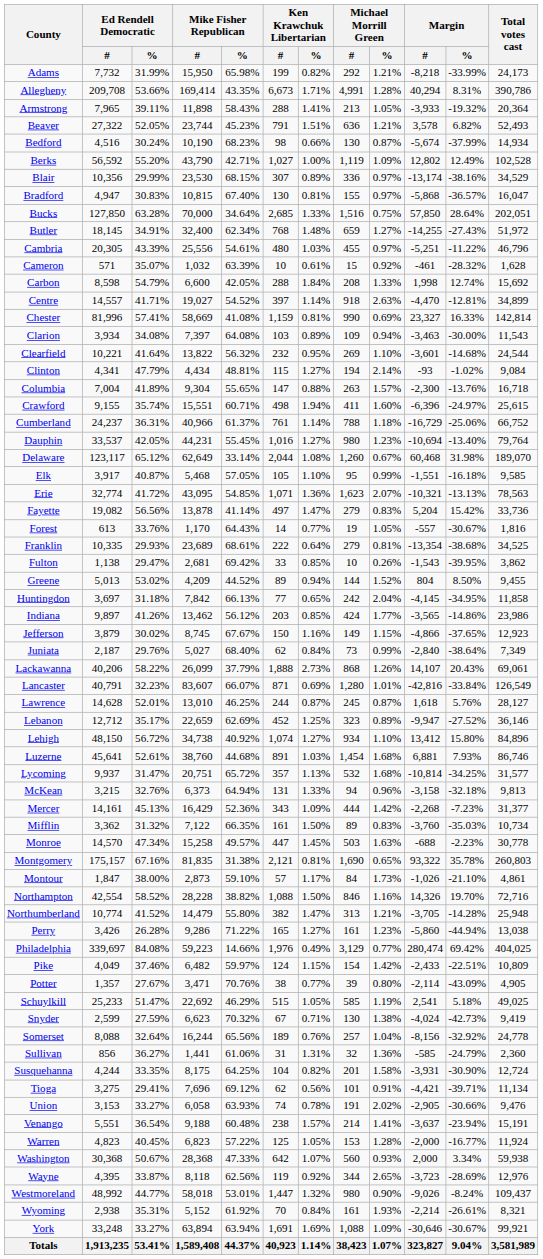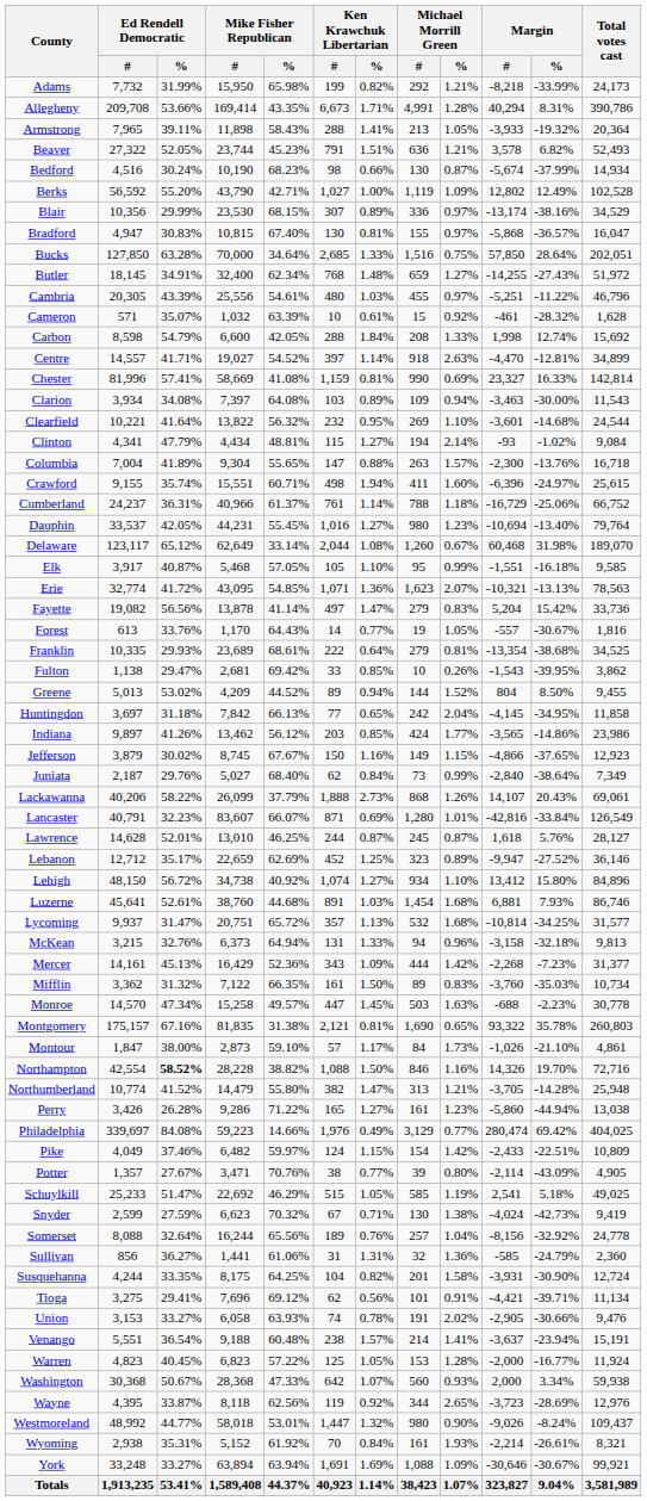 <table width="60%"  class="wikitable sortable" style="text-align:center">
 <tr>
 <th style="text-align:center;" rowspan="2">County</th>
 <th style="text-align:center;" colspan="2">Ed Rendell<br>Democratic</th>
 <th style="text-align:center;" colspan="2">Mike Fisher<br>Republican</th>
 <th style="text-align:center;" colspan="2">Ken Krawchuk<br>Libertarian</th>
 <th style="text-align:center;" colspan="2">Michael Morrill<br>Green</th>
 <th style="text-align:center;" colspan="2">Margin</th>
 <th style="text-align:center;" rowspan="2">Total votes cast</th>
 </tr>
 <tr>
 <th style="text-align:center;" data-sort-type="number">#</th>
 <th style="text-align:center;" data-sort-type="number">%</th>
 <th style="text-align:center;" data-sort-type="number">#</th>
 <th style="text-align:center;" data-sort-type="number">%</th>
 <th style="text-align:center;" data-sort-type="number">#</th>
 <th style="text-align:center;" data-sort-type="number">%</th>
 <th style="text-align:center;" data-sort-type="number">#</th>
 <th style="text-align:center;" data-sort-type="number">%</th>
 <th style="text-align:center;" data-sort-type="number">#</th>
 <th style="text-align:center;" data-sort-type="number">%</th>
 </tr>
 <tr style="text-align:center;">
 <td><a href='#'>Adams</a></td>
 <td>7,732</td>
 <td>31.99%</td>
 <td>15,950</td>
 <td>65.98%</td>
 <td>199</td>
 <td>0.82%</td>
 <td>292</td>
 <td>1.21%</td>
 <td>-8,218</td>
 <td>-33.99%</td>
 <td>24,173</td>
 </tr>
 <tr style="text-align:center;">
 <td><a href='#'>Allegheny</a></td>
 <td>209,708</td>
 <td>53.66%</td>
 <td>169,414</td>
 <td>43.35%</td>
 <td>6,673</td>
 <td>1.71%</td>
 <td>4,991</td>
 <td>1.28%</td>
 <td>40,294</td>
 <td>8.31%</td>
 <td>390,786</td>
 </tr>
 <tr style="text-align:center;">
 <td><a href='#'>Armstrong</a></td>
 <td>7,965</td>
 <td>39.11%</td>
 <td>11,898</td>
 <td>58.43%</td>
 <td>288</td>
 <td>1.41%</td>
 <td>213</td>
 <td>1.05%</td>
 <td>-3,933</td>
 <td>-19.32%</td>
 <td>20,364</td>
 </tr>
 <tr style="text-align:center;">
 <td><a href='#'>Beaver</a></td>
 <td>27,322</td>
 <td>52.05%</td>
 <td>23,744</td>
 <td>45.23%</td>
 <td>791</td>
 <td>1.51%</td>
 <td>636</td>
 <td>1.21%</td>
 <td>3,578</td>
 <td>6.82%</td>
 <td>52,493</td>
 </tr>
 <tr style="text-align:center;">
 <td><a href='#'>Bedford</a></td>
 <td>4,516</td>
 <td>30.24%</td>
 <td>10,190</td>
 <td>68.23%</td>
 <td>98</td>
 <td>0.66%</td>
 <td>130</td>
 <td>0.87%</td>
 <td>-5,674</td>
 <td>-37.99%</td>
 <td>14,934</td>
 </tr>
 <tr style="text-align:center;">
 <td><a href='#'>Berks</a></td>
 <td>56,592</td>
 <td>55.20%</td>
 <td>43,790</td>
 <td>42.71%</td>
 <td>1,027</td>
 <td>1.00%</td>
 <td>1,119</td>
 <td>1.09%</td>
 <td>12,802</td>
 <td>12.49%</td>
 <td>102,528</td>
 </tr>
 <tr style="text-align:center;">
 <td><a href='#'>Blair</a></td>
 <td>10,356</td>
 <td>29.99%</td>
 <td>23,530</td>
 <td>68.15%</td>
 <td>307</td>
 <td>0.89%</td>
 <td>336</td>
 <td>0.97%</td>
 <td>-13,174</td>
 <td>-38.16%</td>
 <td>34,529</td>
 </tr>
 <tr style="text-align:center;">
 <td><a href='#'>Bradford</a></td>
 <td>4,947</td>
 <td>30.83%</td>
 <td>10,815</td>
 <td>67.40%</td>
 <td>130</td>
 <td>0.81%</td>
 <td>155</td>
 <td>0.97%</td>
 <td>-5,868</td>
 <td>-36.57%</td>
 <td>16,047</td>
 </tr>
 <tr style="text-align:center;">
 <td><a href='#'>Bucks</a></td>
 <td>127,850</td>
 <td>63.28%</td>
 <td>70,000</td>
 <td>34.64%</td>
 <td>2,685</td>
 <td>1.33%</td>
 <td>1,516</td>
 <td>0.75%</td>
 <td>57,850</td>
 <td>28.64%</td>
 <td>202,051</td>
 </tr>
 <tr style="text-align:center;">
 <td><a href='#'>Butler</a></td>
 <td>18,145</td>
 <td>34.91%</td>
 <td>32,400</td>
 <td>62.34%</td>
 <td>768</td>
 <td>1.48%</td>
 <td>659</td>
 <td>1.27%</td>
 <td>-14,255</td>
 <td>-27.43%</td>
 <td>51,972</td>
 </tr>
 <tr style="text-align:center;">
 <td><a href='#'>Cambria</a></td>
 <td>20,305</td>
 <td>43.39%</td>
 <td>25,556</td>
 <td>54.61%</td>
 <td>480</td>
 <td>1.03%</td>
 <td>455</td>
 <td>0.97%</td>
 <td>-5,251</td>
 <td>-11.22%</td>
 <td>46,796</td>
 </tr>
 <tr style="text-align:center;">
 <td><a href='#'>Cameron</a></td>
 <td>571</td>
 <td>35.07%</td>
 <td>1,032</td>
 <td>63.39%</td>
 <td>10</td>
 <td>0.61%</td>
 <td>15</td>
 <td>0.92%</td>
 <td>-461</td>
 <td>-28.32%</td>
 <td>1,628</td>
 </tr>
 <tr style="text-align:center;">
 <td><a href='#'>Carbon</a></td>
 <td>8,598</td>
 <td>54.79%</td>
 <td>6,600</td>
 <td>42.05%</td>
 <td>288</td>
 <td>1.84%</td>
 <td>208</td>
 <td>1.33%</td>
 <td>1,998</td>
 <td>12.74%</td>
 <td>15,692</td>
 </tr>
 <tr style="text-align:center;">
 <td><a href='#'>Centre</a></td>
 <td>14,557</td>
 <td>41.71%</td>
 <td>19,027</td>
 <td>54.52%</td>
 <td>397</td>
 <td>1.14%</td>
 <td>918</td>
 <td>2.63%</td>
 <td>-4,470</td>
 <td>-12.81%</td>
 <td>34,899</td>
 </tr>
 <tr style="text-align:center;">
 <td><a href='#'>Chester</a></td>
 <td>81,996</td>
 <td>57.41%</td>
 <td>58,669</td>
 <td>41.08%</td>
 <td>1,159</td>
 <td>0.81%</td>
 <td>990</td>
 <td>0.69%</td>
 <td>23,327</td>
 <td>16.33%</td>
 <td>142,814</td>
 </tr>
 <tr style="text-align:center;">
 <td><a href='#'>Clarion</a></td>
 <td>3,934</td>
 <td>34.08%</td>
 <td>7,397</td>
 <td>64.08%</td>
 <td>103</td>
 <td>0.89%</td>
 <td>109</td>
 <td>0.94%</td>
 <td>-3,463</td>
 <td>-30.00%</td>
 <td>11,543</td>
 </tr>
 <tr style="text-align:center;">
 <td><a href='#'>Clearfield</a></td>
 <td>10,221</td>
 <td>41.64%</td>
 <td>13,822</td>
 <td>56.32%</td>
 <td>232</td>
 <td>0.95%</td>
 <td>269</td>
 <td>1.10%</td>
 <td>-3,601</td>
 <td>-14.68%</td>
 <td>24,544</td>
 </tr>
 <tr style="text-align:center;">
 <td><a href='#'>Clinton</a></td>
 <td>4,341</td>
 <td>47.79%</td>
 <td>4,434</td>
 <td>48.81%</td>
 <td>115</td>
 <td>1.27%</td>
 <td>194</td>
 <td>2.14%</td>
 <td>-93</td>
 <td>-1.02%</td>
 <td>9,084</td>
 </tr>
 <tr style="text-align:center;">
 <td><a href='#'>Columbia</a></td>
 <td>7,004</td>
 <td>41.89%</td>
 <td>9,304</td>
 <td>55.65%</td>
 <td>147</td>
 <td>0.88%</td>
 <td>263</td>
 <td>1.57%</td>
 <td>-2,300</td>
 <td>-13.76%</td>
 <td>16,718</td>
 </tr>
 <tr style="text-align:center;">
 <td><a href='#'>Crawford</a></td>
 <td>9,155</td>
 <td>35.74%</td>
 <td>15,551</td>
 <td>60.71%</td>
 <td>498</td>
 <td>1.94%</td>
 <td>411</td>
 <td>1.60%</td>
 <td>-6,396</td>
 <td>-24.97%</td>
 <td>25,615</td>
 </tr>
 <tr style="text-align:center;">
 <td><a href='#'>Cumberland</a></td>
 <td>24,237</td>
 <td>36.31%</td>
 <td>40,966</td>
 <td>61.37%</td>
 <td>761</td>
 <td>1.14%</td>
 <td>788</td>
 <td>1.18%</td>
 <td>-16,729</td>
 <td>-25.06%</td>
 <td>66,752</td>
 </tr>
 <tr style="text-align:center;">
 <td><a href='#'>Dauphin</a></td>
 <td>33,537</td>
 <td>42.05%</td>
 <td>44,231</td>
 <td>55.45%</td>
 <td>1,016</td>
 <td>1.27%</td>
 <td>980</td>
 <td>1.23%</td>
 <td>-10,694</td>
 <td>-13.40%</td>
 <td>79,764</td>
 </tr>
 <tr style="text-align:center;">
 <td><a href='#'>Delaware</a></td>
 <td>123,117</td>
 <td>65.12%</td>
 <td>62,649</td>
 <td>33.14%</td>
 <td>2,044</td>
 <td>1.08%</td>
 <td>1,260</td>
 <td>0.67%</td>
 <td>60,468</td>
 <td>31.98%</td>
 <td>189,070</td>
 </tr>
 <tr style="text-align:center;">
 <td><a href='#'>Elk</a></td>
 <td>3,917</td>
 <td>40.87%</td>
 <td>5,468</td>
 <td>57.05%</td>
 <td>105</td>
 <td>1.10%</td>
 <td>95</td>
 <td>0.99%</td>
 <td>-1,551</td>
 <td>-16.18%</td>
 <td>9,585</td>
 </tr>
 <tr style="text-align:center;">
 <td><a href='#'>Erie</a></td>
 <td>32,774</td>
 <td>41.72%</td>
 <td>43,095</td>
 <td>54.85%</td>
 <td>1,071</td>
 <td>1.36%</td>
 <td>1,623</td>
 <td>2.07%</td>
 <td>-10,321</td>
 <td>-13.13%</td>
 <td>78,563</td>
 </tr>
 <tr style="text-align:center;">
 <td><a href='#'>Fayette</a></td>
 <td>19,082</td>
 <td>56.56%</td>
 <td>13,878</td>
 <td>41.14%</td>
 <td>497</td>
 <td>1.47%</td>
 <td>279</td>
 <td>0.83%</td>
 <td>5,204</td>
 <td>15.42%</td>
 <td>33,736</td>
 </tr>
 <tr style="text-align:center;">
 <td><a href='#'>Forest</a></td>
 <td>613</td>
 <td>33.76%</td>
 <td>1,170</td>
 <td>64.43%</td>
 <td>14</td>
 <td>0.77%</td>
 <td>19</td>
 <td>1.05%</td>
 <td>-557</td>
 <td>-30.67%</td>
 <td>1,816</td>
 </tr>
 <tr style="text-align:center;">
 <td><a href='#'>Franklin</a></td>
 <td>10,335</td>
 <td>29.93%</td>
 <td>23,689</td>
 <td>68.61%</td>
 <td>222</td>
 <td>0.64%</td>
 <td>279</td>
 <td>0.81%</td>
 <td>-13,354</td>
 <td>-38.68%</td>
 <td>34,525</td>
 </tr>
 <tr style="text-align:center;">
 <td><a href='#'>Fulton</a></td>
 <td>1,138</td>
 <td>29.47%</td>
 <td>2,681</td>
 <td>69.42%</td>
 <td>33</td>
 <td>0.85%</td>
 <td>10</td>
 <td>0.26%</td>
 <td>-1,543</td>
 <td>-39.95%</td>
 <td>3,862</td>
 </tr>
 <tr style="text-align:center;">
 <td><a href='#'>Greene</a></td>
 <td>5,013</td>
 <td>53.02%</td>
 <td>4,209</td>
 <td>44.52%</td>
 <td>89</td>
 <td>0.94%</td>
 <td>144</td>
 <td>1.52%</td>
 <td>804</td>
 <td>8.50%</td>
 <td>9,455</td>
 </tr>
 <tr style="text-align:center;">
 <td><a href='#'>Huntingdon</a></td>
 <td>3,697</td>
 <td>31.18%</td>
 <td>7,842</td>
 <td>66.13%</td>
 <td>77</td>
 <td>0.65%</td>
 <td>242</td>
 <td>2.04%</td>
 <td>-4,145</td>
 <td>-34.95%</td>
 <td>11,858</td>
 </tr>
 <tr style="text-align:center;">
 <td><a href='#'>Indiana</a></td>
 <td>9,897</td>
 <td>41.26%</td>
 <td>13,462</td>
 <td>56.12%</td>
 <td>203</td>
 <td>0.85%</td>
 <td>424</td>
 <td>1.77%</td>
 <td>-3,565</td>
 <td>-14.86%</td>
 <td>23,986</td>
 </tr>
 <tr style="text-align:center;">
 <td><a href='#'>Jefferson</a></td>
 <td>3,879</td>
 <td>30.02%</td>
 <td>8,745</td>
 <td>67.67%</td>
 <td>150</td>
 <td>1.16%</td>
 <td>149</td>
 <td>1.15%</td>
 <td>-4,866</td>
 <td>-37.65%</td>
 <td>12,923</td>
 </tr>
 <tr style="text-align:center;">
 <td><a href='#'>Juniata</a></td>
 <td>2,187</td>
 <td>29.76%</td>
 <td>5,027</td>
 <td>68.40%</td>
 <td>62</td>
 <td>0.84%</td>
 <td>73</td>
 <td>0.99%</td>
 <td>-2,840</td>
 <td>-38.64%</td>
 <td>7,349</td>
 </tr>
 <tr style="text-align:center;">
 <td><a href='#'>Lackawanna</a></td>
 <td>40,206</td>
 <td>58.22%</td>
 <td>26,099</td>
 <td>37.79%</td>
 <td>1,888</td>
 <td>2.73%</td>
 <td>868</td>
 <td>1.26%</td>
 <td>14,107</td>
 <td>20.43%</td>
 <td>69,061</td>
 </tr>
 <tr style="text-align:center;">
 <td><a href='#'>Lancaster</a></td>
 <td>40,791</td>
 <td>32.23%</td>
 <td>83,607</td>
 <td>66.07%</td>
 <td>871</td>
 <td>0.69%</td>
 <td>1,280</td>
 <td>1.01%</td>
 <td>-42,816</td>
 <td>-33.84%</td>
 <td>126,549</td>
 </tr>
 <tr style="text-align:center;">
 <td><a href='#'>Lawrence</a></td>
 <td>14,628</td>
 <td>52.01%</td>
 <td>13,010</td>
 <td>46.25%</td>
 <td>244</td>
 <td>0.87%</td>
 <td>245</td>
 <td>0.87%</td>
 <td>1,618</td>
 <td>5.76%</td>
 <td>28,127</td>
 </tr>
 <tr style="text-align:center;">
 <td><a href='#'>Lebanon</a></td>
 <td>12,712</td>
 <td>35.17%</td>
 <td>22,659</td>
 <td>62.69%</td>
 <td>452</td>
 <td>1.25%</td>
 <td>323</td>
 <td>0.89%</td>
 <td>-9,947</td>
 <td>-27.52%</td>
 <td>36,146</td>
 </tr>
 <tr style="text-align:center;">
 <td><a href='#'>Lehigh</a></td>
 <td>48,150</td>
 <td>56.72%</td>
 <td>34,738</td>
 <td>40.92%</td>
 <td>1,074</td>
 <td>1.27%</td>
 <td>934</td>
 <td>1.10%</td>
 <td>13,412</td>
 <td>15.80%</td>
 <td>84,896</td>
 </tr>
 <tr style="text-align:center;">
 <td><a href='#'>Luzerne</a></td>
 <td>45,641</td>
 <td>52.61%</td>
 <td>38,760</td>
 <td>44.68%</td>
 <td>891</td>
 <td>1.03%</td>
 <td>1,454</td>
 <td>1.68%</td>
 <td>6,881</td>
 <td>7.93%</td>
 <td>86,746</td>
 </tr>
 <tr style="text-align:center;">
 <td><a href='#'>Lycoming</a></td>
 <td>9,937</td>
 <td>31.47%</td>
 <td>20,751</td>
 <td>65.72%</td>
 <td>357</td>
 <td>1.13%</td>
 <td>532</td>
 <td>1.68%</td>
 <td>-10,814</td>
 <td>-34.25%</td>
 <td>31,577</td>
 </tr>
 <tr style="text-align:center;">
 <td><a href='#'>McKean</a></td>
 <td>3,215</td>
 <td>32.76%</td>
 <td>6,373</td>
 <td>64.94%</td>
 <td>131</td>
 <td>1.33%</td>
 <td>94</td>
 <td>0.96%</td>
 <td>-3,158</td>
 <td>-32.18%</td>
 <td>9,813</td>
 </tr>
 <tr style="text-align:center;">
 <td><a href='#'>Mercer</a></td>
 <td>14,161</td>
 <td>45.13%</td>
 <td>16,429</td>
 <td>52.36%</td>
 <td>343</td>
 <td>1.09%</td>
 <td>444</td>
 <td>1.42%</td>
 <td>-2,268</td>
 <td>-7.23%</td>
 <td>31,377</td>
 </tr>
 <tr style="text-align:center;">
 <td><a href='#'>Mifflin</a></td>
 <td>3,362</td>
 <td>31.32%</td>
 <td>7,122</td>
 <td>66.35%</td>
 <td>161</td>
 <td>1.50%</td>
 <td>89</td>
 <td>0.83%</td>
 <td>-3,760</td>
 <td>-35.03%</td>
 <td>10,734</td>
 </tr>
 <tr style="text-align:center;">
 <td><a href='#'>Monroe</a></td>
 <td>14,570</td>
 <td>47.34%</td>
 <td>15,258</td>
 <td>49.57%</td>
 <td>447</td>
 <td>1.45%</td>
 <td>503</td>
 <td>1.63%</td>
 <td>-688</td>
 <td>-2.23%</td>
 <td>30,778</td>
 </tr>
 <tr style="text-align:center;">
 <td><a href='#'>Montgomery</a></td>
 <td>175,157</td>
 <td>67.16%</td>
 <td>81,835</td>
 <td>31.38%</td>
 <td>2,121</td>
 <td>0.81%</td>
 <td>1,690</td>
 <td>0.65%</td>
 <td>93,322</td>
 <td>35.78%</td>
 <td>260,803</td>
 </tr>
 <tr style="text-align:center;">
 <td><a href='#'>Montour</a></td>
 <td>1,847</td>
 <td>38.00%</td>
 <td>2,873</td>
 <td>59.10%</td>
 <td>57</td>
 <td>1.17%</td>
 <td>84</td>
 <td>1.73%</td>
 <td>-1,026</td>
 <td>-21.10%</td>
 <td>4,861</td>
 </tr>
 <tr style="text-align:center;">
 <td><a href='#'>Northampton</a></td>
 <td>42,554</td>
-<td>58.52%</td>
+<td><strong>58.52%</strong></td>
 <td>28,228</td>
 <td>38.82%</td>
 <td>1,088</td>
 <td>1.50%</td>
 <td>846</td>
 <td>1.16%</td>
 <td>14,326</td>
 <td>19.70%</td>
 <td>72,716</td>
 </tr>
 <tr style="text-align:center;">
 <td><a href='#'>Northumberland</a></td>
 <td>10,774</td>
 <td>41.52%</td>
 <td>14,479</td>
 <td>55.80%</td>
 <td>382</td>
 <td>1.47%</td>
 <td>313</td>
 <td>1.21%</td>
 <td>-3,705</td>
 <td>-14.28%</td>
 <td>25,948</td>
 </tr>
 <tr style="text-align:center;">
 <td><a href='#'>Perry</a></td>
 <td>3,426</td>
 <td>26.28%</td>
 <td>9,286</td>
 <td>71.22%</td>
 <td>165</td>
 <td>1.27%</td>
 <td>161</td>
 <td>1.23%</td>
 <td>-5,860</td>
 <td>-44.94%</td>
 <td>13,038</td>
 </tr>
 <tr style="text-align:center;">
 <td><a href='#'>Philadelphia</a></td>
 <td>339,697</td>
 <td>84.08%</td>
 <td>59,223</td>
 <td>14.66%</td>
 <td>1,976</td>
 <td>0.49%</td>
 <td>3,129</td>
 <td>0.77%</td>
 <td>280,474</td>
 <td>69.42%</td>
 <td>404,025</td>
 </tr>
 <tr style="text-align:center;">
 <td><a href='#'>Pike</a></td>
 <td>4,049</td>
 <td>37.46%</td>
 <td>6,482</td>
 <td>59.97%</td>
 <td>124</td>
 <td>1.15%</td>
 <td>154</td>
 <td>1.42%</td>
 <td>-2,433</td>
 <td>-22.51%</td>
 <td>10,809</td>
 </tr>
 <tr style="text-align:center;">
 <td><a href='#'>Potter</a></td>
 <td>1,357</td>
 <td>27.67%</td>
 <td>3,471</td>
 <td>70.76%</td>
 <td>38</td>
 <td>0.77%</td>
 <td>39</td>
 <td>0.80%</td>
 <td>-2,114</td>
 <td>-43.09%</td>
 <td>4,905</td>
 </tr>
 <tr style="text-align:center;">
 <td><a href='#'>Schuylkill</a></td>
 <td>25,233</td>
 <td>51.47%</td>
 <td>22,692</td>
 <td>46.29%</td>
 <td>515</td>
 <td>1.05%</td>
 <td>585</td>
 <td>1.19%</td>
 <td>2,541</td>
 <td>5.18%</td>
 <td>49,025</td>
 </tr>
 <tr style="text-align:center;">
 <td><a href='#'>Snyder</a></td>
 <td>2,599</td>
 <td>27.59%</td>
 <td>6,623</td>
 <td>70.32%</td>
 <td>67</td>
 <td>0.71%</td>
 <td>130</td>
 <td>1.38%</td>
 <td>-4,024</td>
 <td>-42.73%</td>
 <td>9,419</td>
 </tr>
 <tr style="text-align:center;">
 <td><a href='#'>Somerset</a></td>
 <td>8,088</td>
 <td>32.64%</td>
 <td>16,244</td>
 <td>65.56%</td>
 <td>189</td>
 <td>0.76%</td>
 <td>257</td>
 <td>1.04%</td>
 <td>-8,156</td>
 <td>-32.92%</td>
 <td>24,778</td>
 </tr>
 <tr style="text-align:center;">
 <td><a href='#'>Sullivan</a></td>
 <td>856</td>
 <td>36.27%</td>
 <td>1,441</td>
 <td>61.06%</td>
 <td>31</td>
 <td>1.31%</td>
 <td>32</td>
 <td>1.36%</td>
 <td>-585</td>
 <td>-24.79%</td>
 <td>2,360</td>
 </tr>
 <tr style="text-align:center;">
 <td><a href='#'>Susquehanna</a></td>
 <td>4,244</td>
 <td>33.35%</td>
 <td>8,175</td>
 <td>64.25%</td>
 <td>104</td>
 <td>0.82%</td>
 <td>201</td>
 <td>1.58%</td>
 <td>-3,931</td>
 <td>-30.90%</td>
 <td>12,724</td>
 </tr>
 <tr style="text-align:center;">
 <td><a href='#'>Tioga</a></td>
 <td>3,275</td>
 <td>29.41%</td>
 <td>7,696</td>
 <td>69.12%</td>
 <td>62</td>
 <td>0.56%</td>
 <td>101</td>
 <td>0.91%</td>
 <td>-4,421</td>
 <td>-39.71%</td>
 <td>11,134</td>
 </tr>
 <tr style="text-align:center;">
 <td><a href='#'>Union</a></td>
 <td>3,153</td>
 <td>33.27%</td>
 <td>6,058</td>
 <td>63.93%</td>
 <td>74</td>
 <td>0.78%</td>
 <td>191</td>
 <td>2.02%</td>
 <td>-2,905</td>
 <td>-30.66%</td>
 <td>9,476</td>
 </tr>
 <tr style="text-align:center;">
 <td><a href='#'>Venango</a></td>
 <td>5,551</td>
 <td>36.54%</td>
 <td>9,188</td>
 <td>60.48%</td>
 <td>238</td>
 <td>1.57%</td>
 <td>214</td>
 <td>1.41%</td>
 <td>-3,637</td>
 <td>-23.94%</td>
 <td>15,191</td>
 </tr>
 <tr style="text-align:center;">
 <td><a href='#'>Warren</a></td>
 <td>4,823</td>
 <td>40.45%</td>
 <td>6,823</td>
 <td>57.22%</td>
 <td>125</td>
 <td>1.05%</td>
 <td>153</td>
 <td>1.28%</td>
 <td>-2,000</td>
 <td>-16.77%</td>
 <td>11,924</td>
 </tr>
 <tr style="text-align:center;">
 <td><a href='#'>Washington</a></td>
 <td>30,368</td>
 <td>50.67%</td>
 <td>28,368</td>
 <td>47.33%</td>
 <td>642</td>
 <td>1.07%</td>
 <td>560</td>
 <td>0.93%</td>
 <td>2,000</td>
 <td>3.34%</td>
 <td>59,938</td>
 </tr>
 <tr style="text-align:center;">
 <td><a href='#'>Wayne</a></td>
 <td>4,395</td>
 <td>33.87%</td>
 <td>8,118</td>
 <td>62.56%</td>
 <td>119</td>
 <td>0.92%</td>
 <td>344</td>
 <td>2.65%</td>
 <td>-3,723</td>
 <td>-28.69%</td>
 <td>12,976</td>
 </tr>
 <tr style="text-align:center;">
 <td><a href='#'>Westmoreland</a></td>
 <td>48,992</td>
 <td>44.77%</td>
 <td>58,018</td>
 <td>53.01%</td>
 <td>1,447</td>
 <td>1.32%</td>
 <td>980</td>
 <td>0.90%</td>
 <td>-9,026</td>
 <td>-8.24%</td>
 <td>109,437</td>
 </tr>
 <tr style="text-align:center;">
 <td><a href='#'>Wyoming</a></td>
 <td>2,938</td>
 <td>35.31%</td>
 <td>5,152</td>
 <td>61.92%</td>
 <td>70</td>
 <td>0.84%</td>
 <td>161</td>
 <td>1.93%</td>
 <td>-2,214</td>
 <td>-26.61%</td>
 <td>8,321</td>
 </tr>
 <tr style="text-align:center;">
 <td><a href='#'>York</a></td>
 <td>33,248</td>
 <td>33.27%</td>
 <td>63,894</td>
 <td>63.94%</td>
 <td>1,691</td>
 <td>1.69%</td>
 <td>1,088</td>
 <td>1.09%</td>
 <td>-30,646</td>
 <td>-30.67%</td>
 <td>99,921</td>
 </tr>
 <tr style="text-align:center;">
 <th>Totals</th>
 <th>1,913,235</th>
 <th>53.41%</th>
 <th>1,589,408</th>
 <th>44.37%</th>
 <th>40,923</th>
 <th>1.14%</th>
 <th>38,423</th>
 <th>1.07%</th>
 <th>323,827</th>
 <th>9.04%</th>
 <th>3,581,989</th>
 </tr>
 </table>
